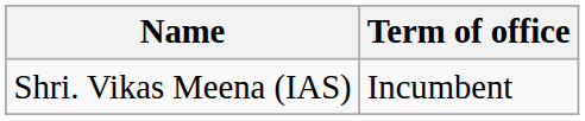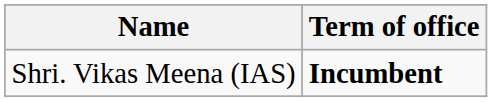 <table class="wikitable">
 <tr>
 <th>Name</th>
 <th>Term of office</th>
 </tr>
 <tr>
 <td>Shri. Vikas Meena (IAS)</td>
-<td>Incumbent</td>
+<td><strong>Incumbent</strong></td>
 </tr>
 </table>
